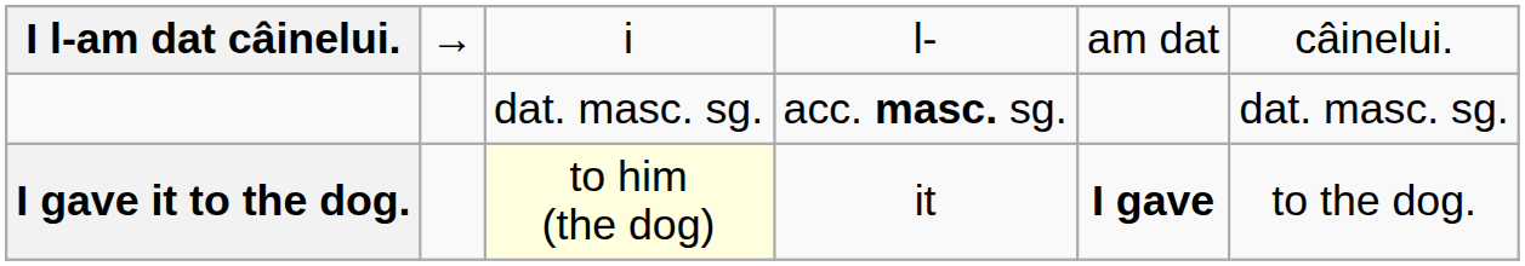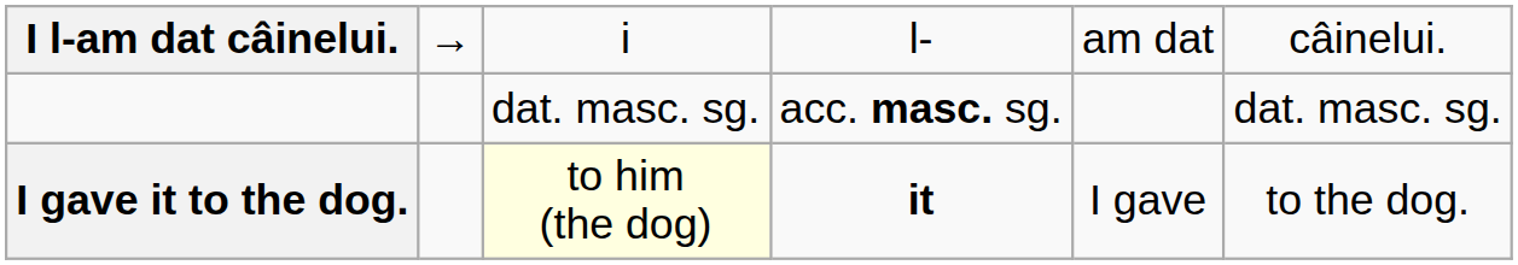 <table class="wikitable" style="text-align: center;">
 <tr>
 <th>I l-am dat câinelui.</th>
 <td>→</td>
 <td>i</td>
 <td>l-</td>
 <td>am dat</td>
 <td>câinelui.</td>
 </tr>
 <tr>
 <td></td>
 <td></td>
 <td>dat. masc. sg.</td>
 <td>acc. <strong>masc.</strong> sg.</td>
 <td></td>
 <td>dat. masc. sg.</td>
 </tr>
 <tr>
 <th>I gave it to the dog.</th>
 <td></td>
 <td style="background: lightyellow;">to him<br>(the dog)</td>
-<td>it</td>
-<td><strong>I gave</strong></td>
+<td><strong>it</strong></td>
+<td>I gave</td>
 <td>to the dog.</td>
 </tr>
 </table>
